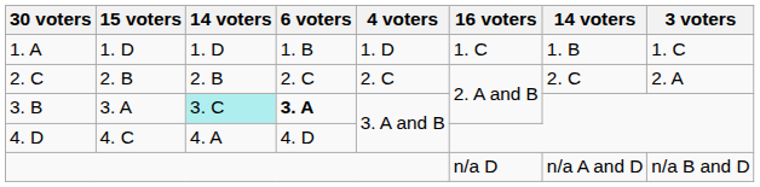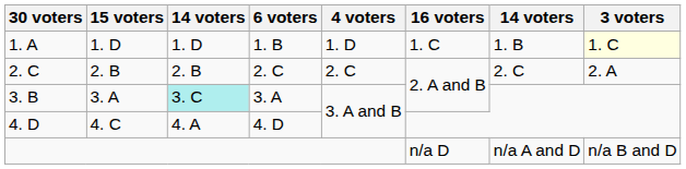 <table class="wikitable">
 <tr>
 <th>30 voters</th>
 <th>15 voters</th>
 <th>14 voters</th>
 <th>6 voters</th>
 <th>4 voters</th>
 <th>16 voters</th>
 <th>14 voters</th>
 <th>3 voters</th>
 </tr>
 <tr>
 <td>1. A</td>
 <td>1. D</td>
 <td>1. D</td>
 <td>1. B</td>
 <td>1. D</td>
 <td>1. C</td>
 <td>1. B</td>
-<td>1. C</td>
+<td style="background: lightyellow;">1. C</td>
 </tr>
 <tr>
 <td>2. C</td>
 <td>2. B</td>
 <td>2. B</td>
 <td>2. C</td>
 <td>2. C</td>
 <td rowspan=2>2. A and B</td>
 <td>2. C</td>
 <td>2. A</td>
 </tr>
 <tr>
 <td>3. B</td>
 <td>3. A</td>
 <td style="background: paleturquoise;">3. C</td>
-<td><strong>3. A</strong></td>
+<td>3. A</td>
 <td rowspan=2>3. A and B</td>
 </tr>
 <tr>
 <td>4. D</td>
 <td>4. C</td>
 <td>4. A</td>
 <td>4. D</td>
 </tr>
 <tr>
 <td colspan=5></td>
 <td>n/a D</td>
 <td>n/a A and D</td>
 <td>n/a B and D</td>
 </tr>
 </table>
